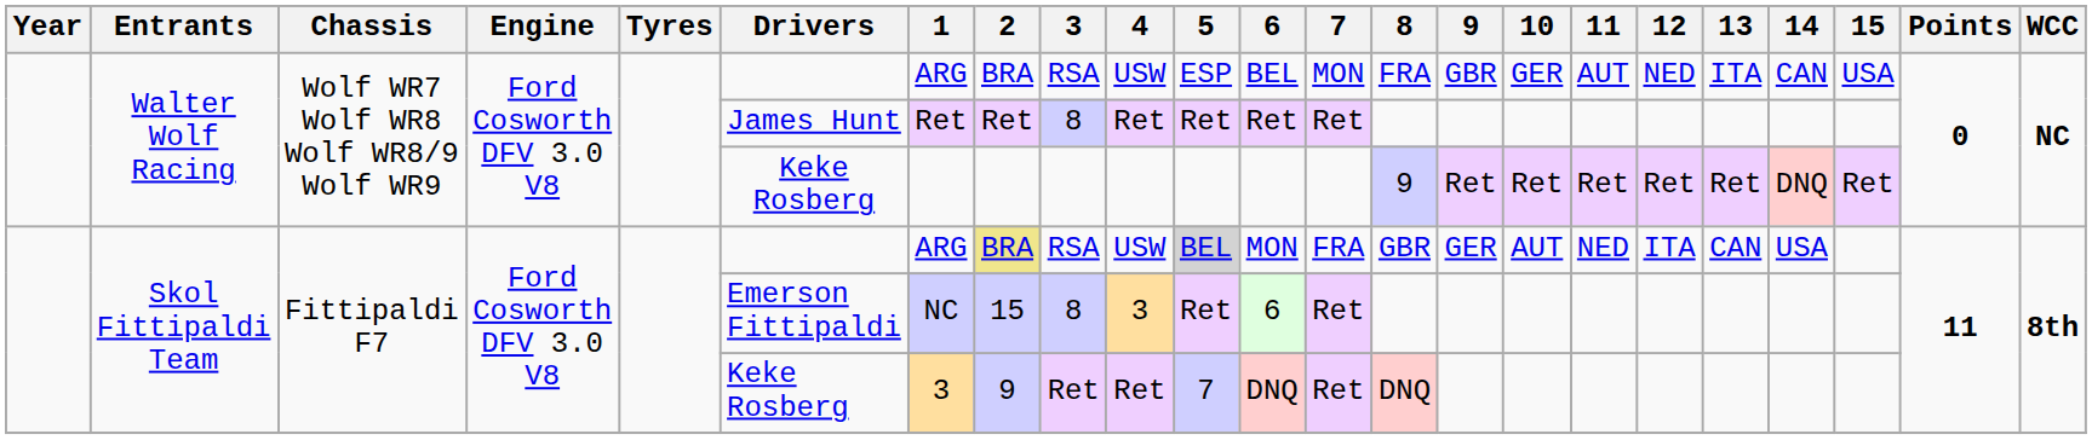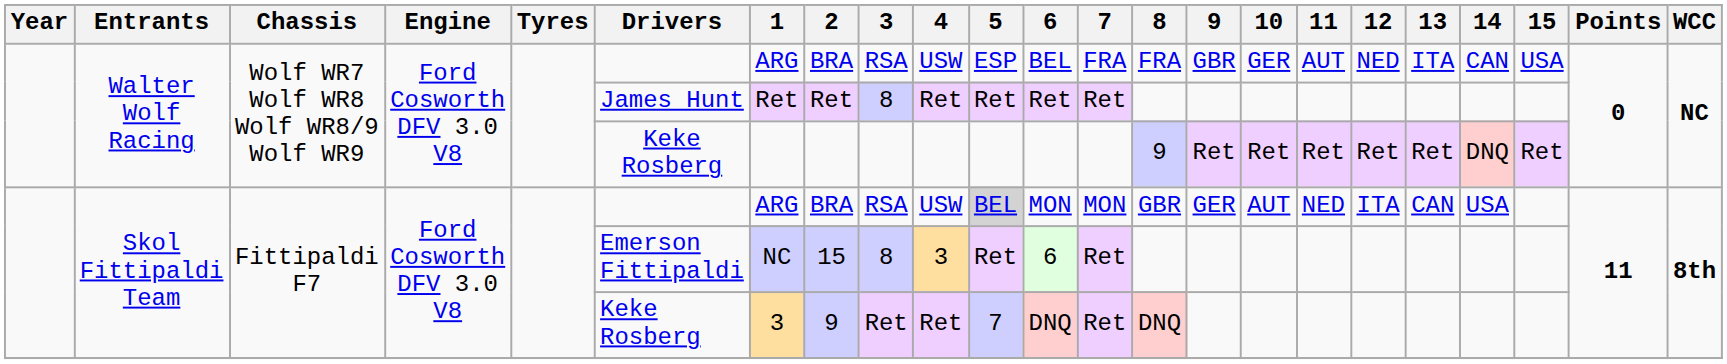 <table class="wikitable" style="text-align:center; font-size:95%">
 <tr>
 <th>Year</th>
 <th>Entrants</th>
 <th>Chassis</th>
 <th>Engine</th>
 <th>Tyres</th>
 <th>Drivers</th>
 <th>1</th>
 <th>2</th>
 <th>3</th>
 <th>4</th>
 <th>5</th>
 <th>6</th>
 <th>7</th>
 <th>8</th>
 <th>9</th>
 <th>10</th>
 <th>11</th>
 <th>12</th>
 <th>13</th>
 <th>14</th>
 <th>15</th>
 <th>Points</th>
 <th>WCC</th>
 </tr>
 <tr>
 <td rowspan="3"></td>
 <td rowspan="3"><a href='#'>Walter Wolf Racing</a></td>
 <td rowspan="3">Wolf WR7<br>Wolf WR8<br>Wolf WR8/9<br>Wolf WR9</td>
 <td rowspan="3"><a href='#'>Ford</a> <a href='#'>Cosworth DFV</a> 3.0 <a href='#'>V8</a></td>
 <td rowspan="3"></td>
 <td></td>
 <td><a href='#'>ARG</a></td>
 <td><a href='#'>BRA</a></td>
 <td><a href='#'>RSA</a></td>
 <td><a href='#'>USW</a></td>
 <td><a href='#'>ESP</a></td>
 <td><a href='#'>BEL</a></td>
-<td><a href='#'>MON</a></td>
+<td><a href='#'>FRA</a></td>
 <td><a href='#'>FRA</a></td>
 <td><a href='#'>GBR</a></td>
 <td><a href='#'>GER</a></td>
 <td><a href='#'>AUT</a></td>
 <td><a href='#'>NED</a></td>
 <td><a href='#'>ITA</a></td>
 <td><a href='#'>CAN</a></td>
 <td><a href='#'>USA</a></td>
 <td rowspan="3"><strong>0</strong></td>
 <td rowspan="3"><strong>NC</strong></td>
 </tr>
 <tr>
 <td><a href='#'>James Hunt</a></td>
 <td style="background:#EFCFFF;">Ret</td>
 <td style="background:#EFCFFF;">Ret</td>
 <td style="background:#CFCFFF;">8</td>
 <td style="background:#EFCFFF;">Ret</td>
 <td style="background:#EFCFFF;">Ret</td>
 <td style="background:#EFCFFF;">Ret</td>
 <td style="background:#EFCFFF;">Ret</td>
 <td></td>
 <td></td>
 <td></td>
 <td></td>
 <td></td>
 <td></td>
 <td></td>
 <td></td>
 </tr>
 <tr>
 <td><a href='#'>Keke Rosberg</a></td>
 <td></td>
 <td></td>
 <td></td>
 <td></td>
 <td></td>
 <td></td>
 <td></td>
 <td style="background:#CFCFFF;">9</td>
 <td style="background:#EFCFFF;">Ret</td>
 <td style="background:#EFCFFF;">Ret</td>
 <td style="background:#EFCFFF;">Ret</td>
 <td style="background:#EFCFFF;">Ret</td>
 <td style="background:#EFCFFF;">Ret</td>
 <td style="background:#FFCFCF;">DNQ</td>
 <td style="background:#EFCFFF;">Ret</td>
 </tr>
 <tr>
 <td rowspan="3"></td>
 <td rowspan="3"><a href='#'>Skol Fittipaldi Team</a></td>
 <td rowspan="3">Fittipaldi F7</td>
 <td rowspan="3"><a href='#'>Ford</a> <a href='#'>Cosworth DFV</a> 3.0 <a href='#'>V8</a></td>
 <td rowspan="3"></td>
 <td></td>
 <td><a href='#'>ARG</a></td>
-<td style="background: khaki;"><a href='#'>BRA</a></td>
+<td><a href='#'>BRA</a></td>
 <td><a href='#'>RSA</a></td>
 <td><a href='#'>USW</a></td>
 <td style="background: lightgrey;"><a href='#'>BEL</a></td>
 <td><a href='#'>MON</a></td>
-<td><a href='#'>FRA</a></td>
+<td><a href='#'>MON</a></td>
 <td><a href='#'>GBR</a></td>
 <td><a href='#'>GER</a></td>
 <td><a href='#'>AUT</a></td>
 <td><a href='#'>NED</a></td>
 <td><a href='#'>ITA</a></td>
 <td><a href='#'>CAN</a></td>
 <td><a href='#'>USA</a></td>
 <td></td>
 <td rowspan="3"><strong>11</strong></td>
 <td rowspan="3"><strong>8th</strong></td>
 </tr>
 <tr>
 <td align="left"><a href='#'>Emerson Fittipaldi</a></td>
 <td style="background:#cfcfff;">NC</td>
 <td style="background:#cfcfff;">15</td>
 <td style="background:#cfcfff;">8</td>
 <td style="background:#ffdf9f;">3</td>
 <td style="background:#efcfff;">Ret</td>
 <td style="background:#dfffdf;">6</td>
 <td style="background:#efcfff;">Ret</td>
 <td></td>
 <td></td>
 <td></td>
 <td></td>
 <td></td>
 <td></td>
 <td></td>
 <td></td>
 </tr>
 <tr>
 <td align="left"><a href='#'>Keke Rosberg</a></td>
 <td style="background:#ffdf9f;">3</td>
 <td style="background:#cfcfff;">9</td>
 <td style="background:#efcfff;">Ret</td>
 <td style="background:#efcfff;">Ret</td>
 <td style="background:#cfcfff;">7</td>
 <td style="background:#ffcfcf;">DNQ</td>
 <td style="background:#efcfff;">Ret</td>
 <td style="background:#ffcfcf;">DNQ</td>
 <td></td>
 <td></td>
 <td></td>
 <td></td>
 <td></td>
 <td></td>
 <td></td>
 </tr>
 <tr>
 </tr>
 </table>
